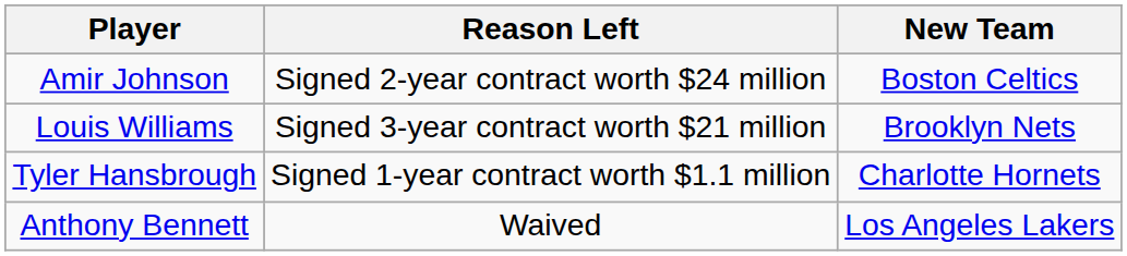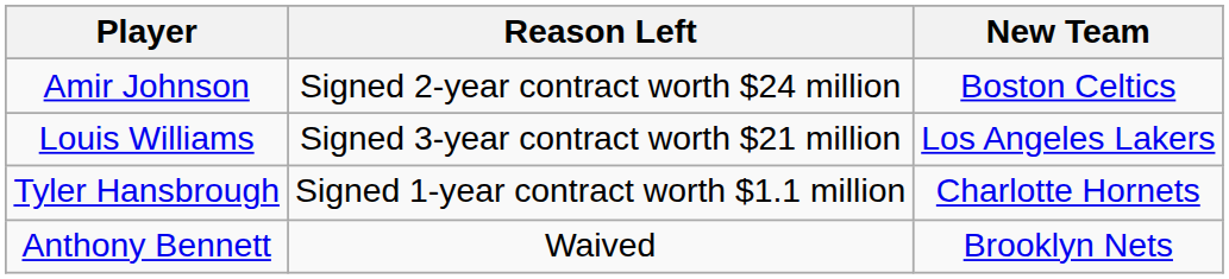 <table class="wikitable sortable sortable">
 <tr>
 <th>Player</th>
 <th>Reason Left</th>
 <th>New Team</th>
 </tr>
 <tr style="text-align: center">
 <td><a href='#'>Amir Johnson</a></td>
 <td>Signed 2-year contract worth $24 million</td>
 <td><a href='#'>Boston Celtics</a></td>
 </tr>
 <tr style="text-align: center">
 <td><a href='#'>Louis Williams</a></td>
 <td>Signed 3-year contract worth $21 million</td>
-<td><a href='#'>Brooklyn Nets</a></td>
+<td><a href='#'>Los Angeles Lakers</a></td>
 </tr>
 <tr style="text-align: center">
 <td><a href='#'>Tyler Hansbrough</a></td>
 <td>Signed 1-year contract worth $1.1 million</td>
 <td><a href='#'>Charlotte Hornets</a></td>
 </tr>
 <tr style="text-align: center">
 <td><a href='#'>Anthony Bennett</a></td>
 <td>Waived</td>
-<td><a href='#'>Los Angeles Lakers</a></td>
+<td><a href='#'>Brooklyn Nets</a></td>
 </tr>
 </table>
